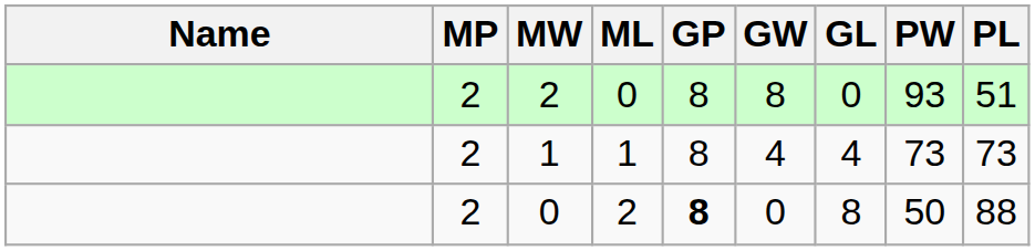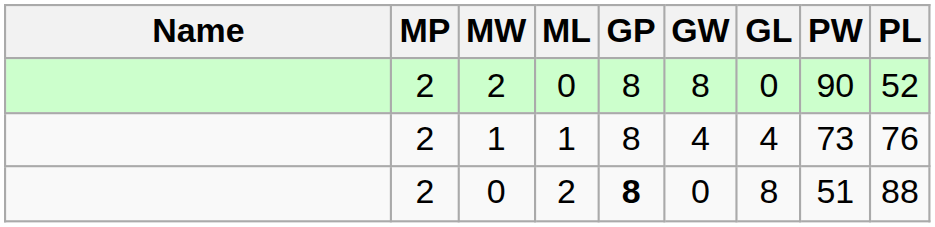 <table class=wikitable style="text-align:center">
 <tr>
 <th width=175>Name</th>
 <th width=20>MP</th>
 <th width=20>MW</th>
 <th width=20>ML</th>
 <th width=20>GP</th>
 <th width=20>GW</th>
 <th width=20>GL</th>
 <th width=20>PW</th>
 <th width=20>PL</th>
 </tr>
 <tr style="background-color:#ccffcc;">
 <td style="text-align:left;"><strong></strong></td>
 <td>2</td>
 <td>2</td>
 <td>0</td>
 <td>8</td>
 <td>8</td>
 <td>0</td>
-<td>93</td>
-<td>51</td>
+<td>90</td>
+<td>52</td>
 </tr>
 <tr>
 <td style="text-align:left;"></td>
 <td>2</td>
 <td>1</td>
 <td>1</td>
 <td>8</td>
 <td>4</td>
 <td>4</td>
 <td>73</td>
-<td>73</td>
+<td>76</td>
 </tr>
 <tr>
 <td style="text-align:left;"></td>
 <td>2</td>
 <td>0</td>
 <td>2</td>
 <td><strong>8</strong></td>
 <td>0</td>
 <td>8</td>
-<td>50</td>
+<td>51</td>
 <td>88</td>
 </tr>
 </table>
